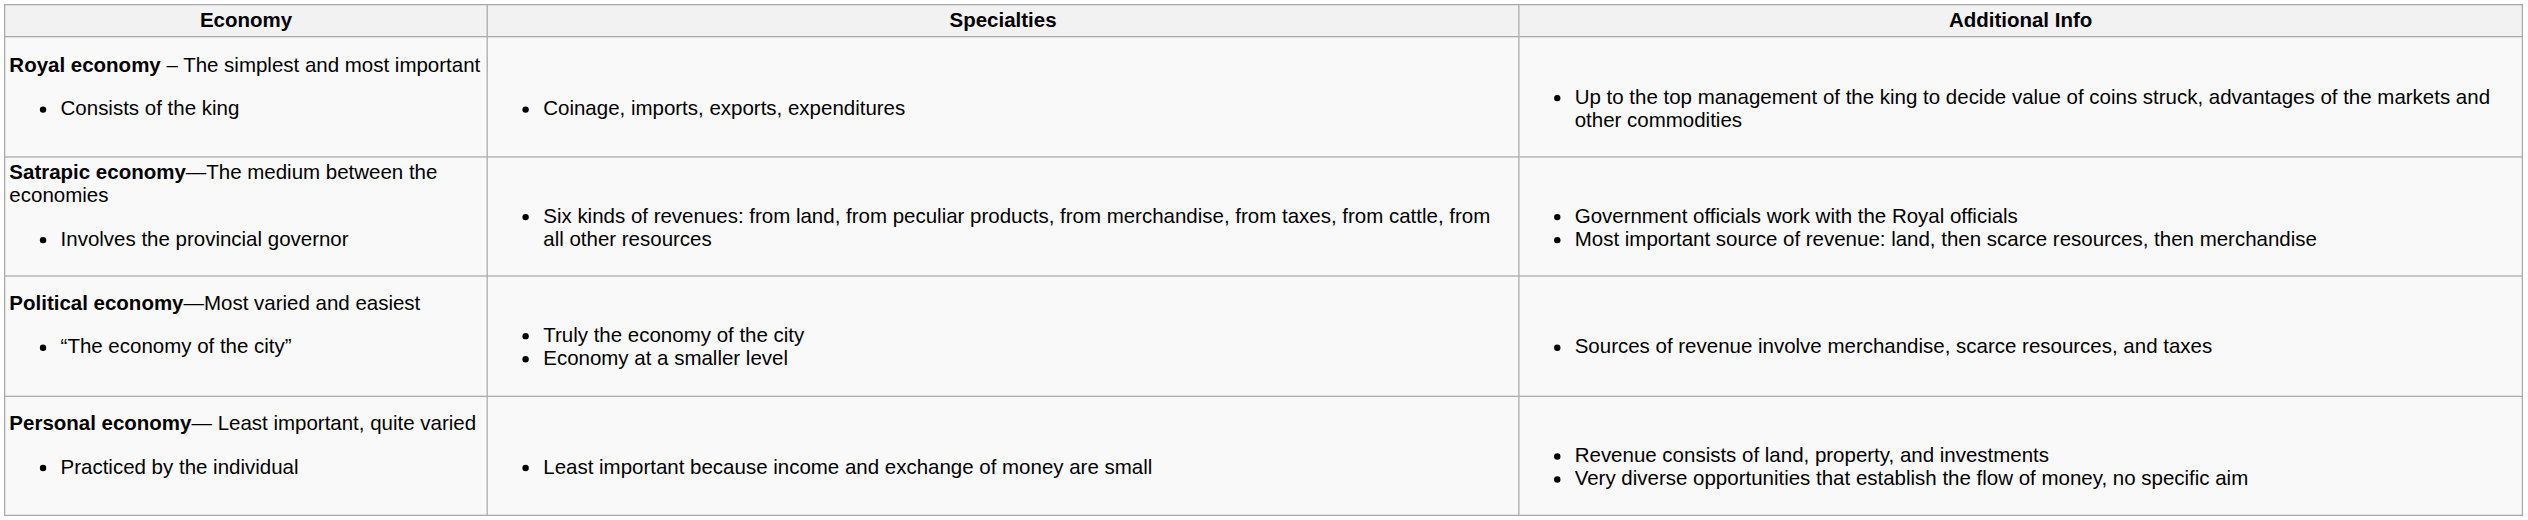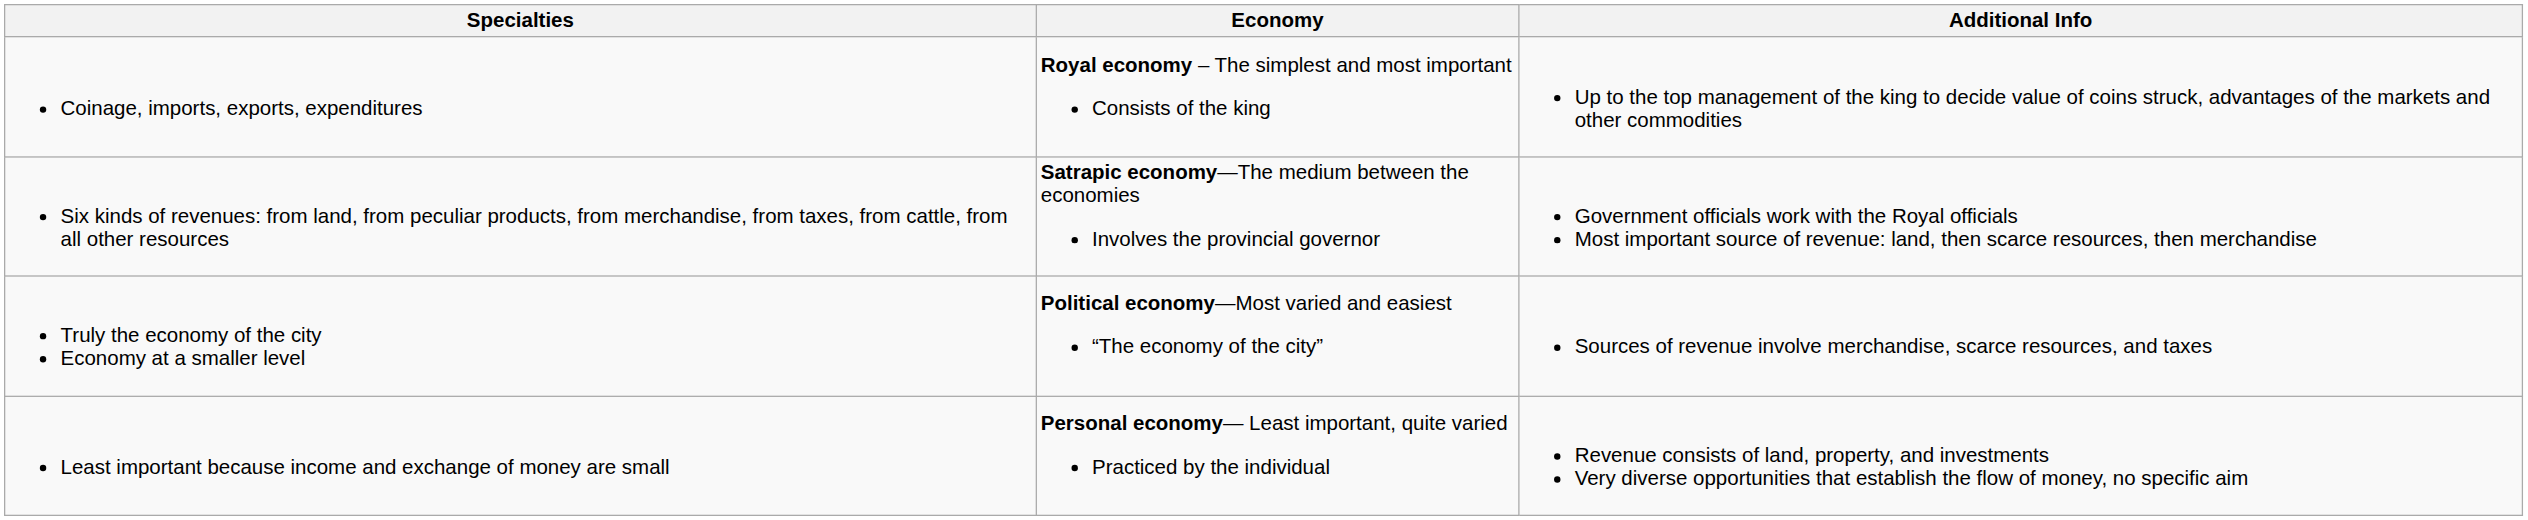 <table class="wikitable">
 <tr>
+<th>Specialties</th>
 <th>Economy</th>
-<th>Specialties</th>
 <th>Additional Info</th>
 </tr>
 <tr>
+<td><br><ul><li>Coinage, imports, exports, expenditures</li></ul></td>
 <td><strong>Royal economy</strong> – The simplest and most important<br><ul><li>Consists of the king</li></ul></td>
-<td><br><ul><li>Coinage, imports, exports, expenditures</li></ul></td>
 <td><br><ul><li>Up to the top management of the king to decide value of coins struck, advantages of the markets and other commodities</li></ul></td>
 </tr>
 <tr>
+<td><br><ul><li>Six kinds of revenues: from land, from peculiar products,  from merchandise, from taxes, from cattle, from all other resources</li></ul></td>
 <td><strong>Satrapic economy</strong>—The medium between the economies<br><ul><li>Involves the provincial governor</li></ul></td>
-<td><br><ul><li>Six kinds of revenues: from land, from peculiar products,  from merchandise, from taxes, from cattle, from all other resources</li></ul></td>
 <td><br><ul><li>Government officials work with the Royal officials</li><li>Most important source of revenue: land, then scarce resources, then merchandise</li></ul></td>
 </tr>
 <tr>
+<td><br><ul><li>Truly the economy of the city</li><li>Economy at a smaller level</li></ul></td>
 <td><strong>Political economy</strong>—Most varied and easiest<br><ul><li>“The economy of the city”</li></ul></td>
-<td><br><ul><li>Truly the economy of the city</li><li>Economy at a smaller level</li></ul></td>
 <td><br><ul><li>Sources of revenue involve merchandise, scarce resources, and taxes</li></ul></td>
 </tr>
 <tr>
+<td><br><ul><li>Least important because income and exchange of money are small</li></ul></td>
 <td><strong>Personal economy</strong>— Least important, quite varied<br><ul><li>Practiced by the individual</li></ul></td>
-<td><br><ul><li>Least important because income and exchange of money are small</li></ul></td>
 <td><br><ul><li>Revenue consists of land, property, and investments</li><li>Very diverse opportunities that establish the flow of money, no specific aim</li></ul></td>
 </tr>
 </table>
